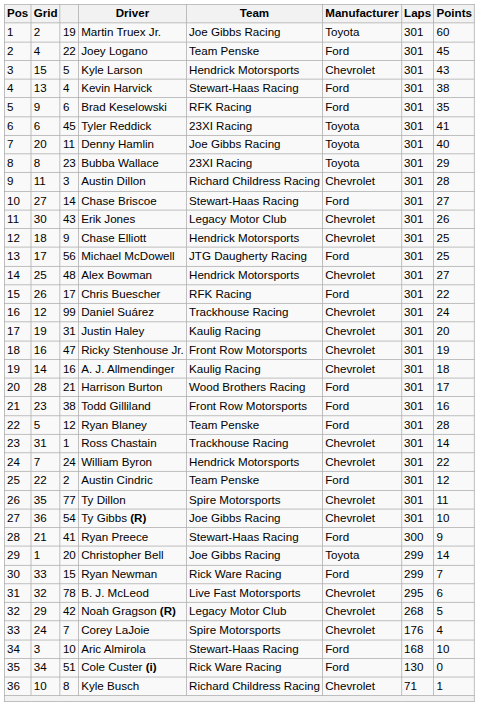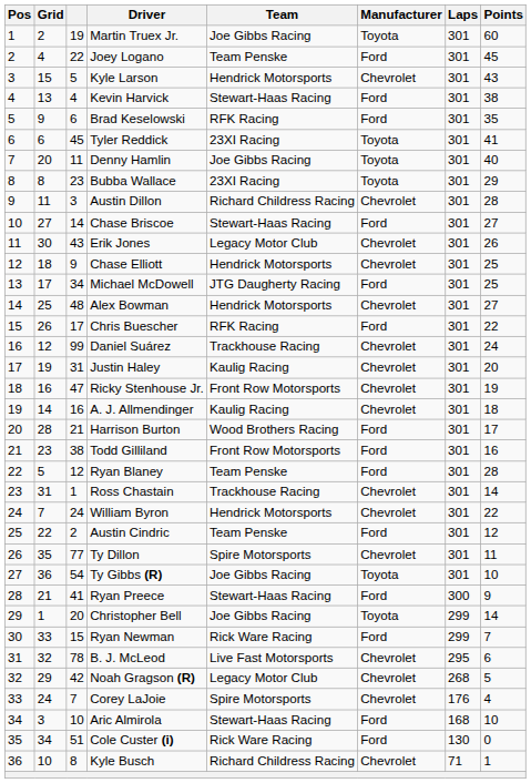 <table class="wikitable" style="font-size:98%">
 <tr>
 <th>Pos</th>
 <th>Grid</th>
 <th></th>
 <th>Driver</th>
 <th>Team</th>
 <th>Manufacturer</th>
 <th>Laps</th>
 <th>Points</th>
 </tr>
 <tr>
 <td>1</td>
 <td>2</td>
 <td>19</td>
 <td>Martin Truex Jr.</td>
 <td>Joe Gibbs Racing</td>
 <td>Toyota</td>
 <td>301</td>
 <td>60</td>
 </tr>
 <tr>
 <td>2</td>
 <td>4</td>
 <td>22</td>
 <td>Joey Logano</td>
 <td>Team Penske</td>
 <td>Ford</td>
 <td>301</td>
 <td>45</td>
 </tr>
 <tr>
 <td>3</td>
 <td>15</td>
 <td>5</td>
 <td>Kyle Larson</td>
 <td>Hendrick Motorsports</td>
 <td>Chevrolet</td>
 <td>301</td>
 <td>43</td>
 </tr>
 <tr>
 <td>4</td>
 <td>13</td>
 <td>4</td>
 <td>Kevin Harvick</td>
 <td>Stewart-Haas Racing</td>
 <td>Ford</td>
 <td>301</td>
 <td>38</td>
 </tr>
 <tr>
 <td>5</td>
 <td>9</td>
 <td>6</td>
 <td>Brad Keselowski</td>
 <td>RFK Racing</td>
 <td>Ford</td>
 <td>301</td>
 <td>35</td>
 </tr>
 <tr>
 <td>6</td>
 <td>6</td>
 <td>45</td>
 <td>Tyler Reddick</td>
 <td>23XI Racing</td>
 <td>Toyota</td>
 <td>301</td>
 <td>41</td>
 </tr>
 <tr>
 <td>7</td>
 <td>20</td>
 <td>11</td>
 <td>Denny Hamlin</td>
 <td>Joe Gibbs Racing</td>
 <td>Toyota</td>
 <td>301</td>
 <td>40</td>
 </tr>
 <tr>
 <td>8</td>
 <td>8</td>
 <td>23</td>
 <td>Bubba Wallace</td>
 <td>23XI Racing</td>
 <td>Toyota</td>
 <td>301</td>
 <td>29</td>
 </tr>
 <tr>
 <td>9</td>
 <td>11</td>
 <td>3</td>
 <td>Austin Dillon</td>
 <td>Richard Childress Racing</td>
 <td>Chevrolet</td>
 <td>301</td>
 <td>28</td>
 </tr>
 <tr>
 <td>10</td>
 <td>27</td>
 <td>14</td>
 <td>Chase Briscoe</td>
 <td>Stewart-Haas Racing</td>
 <td>Ford</td>
 <td>301</td>
 <td>27</td>
 </tr>
 <tr>
 <td>11</td>
 <td>30</td>
 <td>43</td>
 <td>Erik Jones</td>
 <td>Legacy Motor Club</td>
 <td>Chevrolet</td>
 <td>301</td>
 <td>26</td>
 </tr>
 <tr>
 <td>12</td>
 <td>18</td>
 <td>9</td>
 <td>Chase Elliott</td>
 <td>Hendrick Motorsports</td>
 <td>Chevrolet</td>
 <td>301</td>
 <td>25</td>
 </tr>
 <tr>
 <td>13</td>
 <td>17</td>
-<td>56</td>
+<td>34</td>
 <td>Michael McDowell</td>
 <td>JTG Daugherty Racing</td>
 <td>Ford</td>
 <td>301</td>
 <td>25</td>
 </tr>
 <tr>
 <td>14</td>
 <td>25</td>
 <td>48</td>
 <td>Alex Bowman</td>
 <td>Hendrick Motorsports</td>
 <td>Chevrolet</td>
 <td>301</td>
 <td>27</td>
 </tr>
 <tr>
 <td>15</td>
 <td>26</td>
 <td>17</td>
 <td>Chris Buescher</td>
 <td>RFK Racing</td>
 <td>Ford</td>
 <td>301</td>
 <td>22</td>
 </tr>
 <tr>
 <td>16</td>
 <td>12</td>
 <td>99</td>
 <td>Daniel Suárez</td>
 <td>Trackhouse Racing</td>
 <td>Chevrolet</td>
 <td>301</td>
 <td>24</td>
 </tr>
 <tr>
 <td>17</td>
 <td>19</td>
 <td>31</td>
 <td>Justin Haley</td>
 <td>Kaulig Racing</td>
 <td>Chevrolet</td>
 <td>301</td>
 <td>20</td>
 </tr>
 <tr>
 <td>18</td>
 <td>16</td>
 <td>47</td>
 <td>Ricky Stenhouse Jr.</td>
 <td>Front Row Motorsports</td>
 <td>Chevrolet</td>
 <td>301</td>
 <td>19</td>
 </tr>
 <tr>
 <td>19</td>
 <td>14</td>
 <td>16</td>
 <td>A. J. Allmendinger</td>
 <td>Kaulig Racing</td>
 <td>Chevrolet</td>
 <td>301</td>
 <td>18</td>
 </tr>
 <tr>
 <td>20</td>
 <td>28</td>
 <td>21</td>
 <td>Harrison Burton</td>
 <td>Wood Brothers Racing</td>
 <td>Ford</td>
 <td>301</td>
 <td>17</td>
 </tr>
 <tr>
 <td>21</td>
 <td>23</td>
 <td>38</td>
 <td>Todd Gilliland</td>
 <td>Front Row Motorsports</td>
 <td>Ford</td>
 <td>301</td>
 <td>16</td>
 </tr>
 <tr>
 <td>22</td>
 <td>5</td>
 <td>12</td>
 <td>Ryan Blaney</td>
 <td>Team Penske</td>
 <td>Ford</td>
 <td>301</td>
 <td>28</td>
 </tr>
 <tr>
 <td>23</td>
 <td>31</td>
 <td>1</td>
 <td>Ross Chastain</td>
 <td>Trackhouse Racing</td>
 <td>Chevrolet</td>
 <td>301</td>
 <td>14</td>
 </tr>
 <tr>
 <td>24</td>
 <td>7</td>
 <td>24</td>
 <td>William Byron</td>
 <td>Hendrick Motorsports</td>
 <td>Chevrolet</td>
 <td>301</td>
 <td>22</td>
 </tr>
 <tr>
 <td>25</td>
 <td>22</td>
 <td>2</td>
 <td>Austin Cindric</td>
 <td>Team Penske</td>
 <td>Ford</td>
 <td>301</td>
 <td>12</td>
 </tr>
 <tr>
 <td>26</td>
 <td>35</td>
 <td>77</td>
 <td>Ty Dillon</td>
 <td>Spire Motorsports</td>
 <td>Chevrolet</td>
 <td>301</td>
 <td>11</td>
 </tr>
 <tr>
 <td>27</td>
 <td>36</td>
 <td>54</td>
 <td>Ty Gibbs <strong>(R)</strong></td>
 <td>Joe Gibbs Racing</td>
-<td>Chevrolet</td>
+<td>Toyota</td>
 <td>301</td>
 <td>10</td>
 </tr>
 <tr>
 <td>28</td>
 <td>21</td>
 <td>41</td>
 <td>Ryan Preece</td>
 <td>Stewart-Haas Racing</td>
 <td>Ford</td>
 <td>300</td>
 <td>9</td>
 </tr>
 <tr>
 <td>29</td>
 <td>1</td>
 <td>20</td>
 <td>Christopher Bell</td>
 <td>Joe Gibbs Racing</td>
 <td>Toyota</td>
 <td>299</td>
 <td>14</td>
 </tr>
 <tr>
 <td>30</td>
 <td>33</td>
 <td>15</td>
 <td>Ryan Newman</td>
 <td>Rick Ware Racing</td>
 <td>Ford</td>
 <td>299</td>
 <td>7</td>
 </tr>
 <tr>
 <td>31</td>
 <td>32</td>
 <td>78</td>
 <td>B. J. McLeod</td>
 <td>Live Fast Motorsports</td>
 <td>Chevrolet</td>
 <td>295</td>
 <td>6</td>
 </tr>
 <tr>
 <td>32</td>
 <td>29</td>
 <td>42</td>
 <td>Noah Gragson <strong>(R)</strong></td>
 <td>Legacy Motor Club</td>
 <td>Chevrolet</td>
 <td>268</td>
 <td>5</td>
 </tr>
 <tr>
 <td>33</td>
 <td>24</td>
 <td>7</td>
 <td>Corey LaJoie</td>
 <td>Spire Motorsports</td>
 <td>Chevrolet</td>
 <td>176</td>
 <td>4</td>
 </tr>
 <tr>
 <td>34</td>
 <td>3</td>
 <td>10</td>
 <td>Aric Almirola</td>
 <td>Stewart-Haas Racing</td>
 <td>Ford</td>
 <td>168</td>
 <td>10</td>
 </tr>
 <tr>
 <td>35</td>
 <td>34</td>
 <td>51</td>
 <td>Cole Custer <strong>(i)</strong></td>
 <td>Rick Ware Racing</td>
 <td>Ford</td>
 <td>130</td>
 <td>0</td>
 </tr>
 <tr>
 <td>36</td>
 <td>10</td>
 <td>8</td>
 <td>Kyle Busch</td>
 <td>Richard Childress Racing</td>
 <td>Chevrolet</td>
 <td>71</td>
 <td>1</td>
 </tr>
 <tr>
 <th colspan="8"></th>
 </tr>
 </table>
